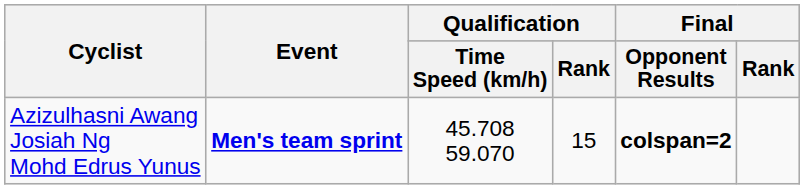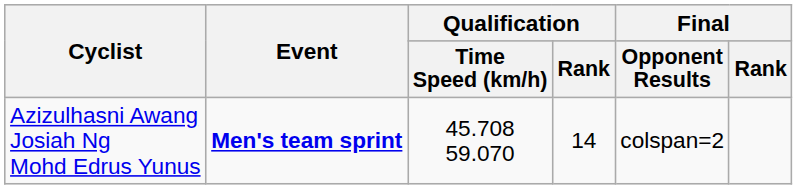 <table class="wikitable" style="font-size:90%">
 <tr>
 <th rowspan=2>Cyclist</th>
 <th rowspan=2>Event</th>
 <th colspan=2>Qualification</th>
 <th colspan=2>Final</th>
 </tr>
 <tr style="font-size:95%">
 <th>Time<br>Speed (km/h)</th>
 <th>Rank</th>
 <th>Opponent<br>Results</th>
 <th>Rank</th>
 </tr>
 <tr align=center>
 <td align=left><a href='#'>Azizulhasni Awang</a><br><a href='#'>Josiah Ng</a><br><a href='#'>Mohd Edrus Yunus</a></td>
 <td align=left><strong><a href='#'>Men's team sprint</a></strong></td>
 <td>45.708<br>59.070</td>
-<td>15</td>
-<td><strong>colspan=2 </strong></td>
+<td>14</td>
+<td>colspan=2 </td>
 </tr>
 </table>
